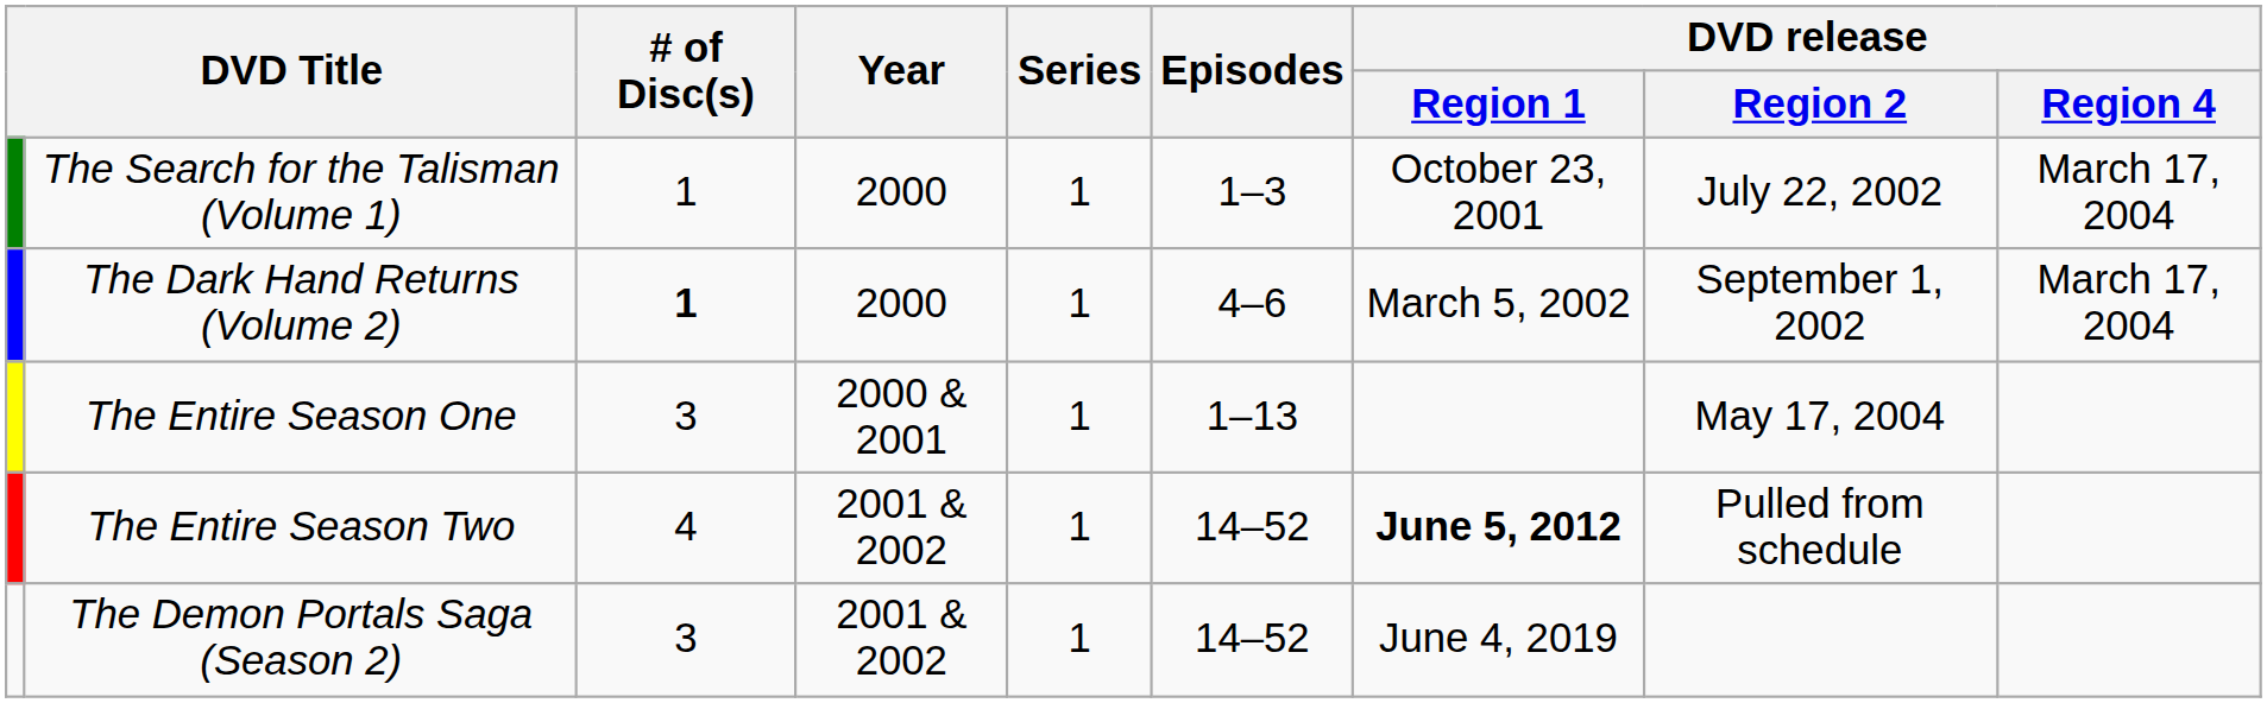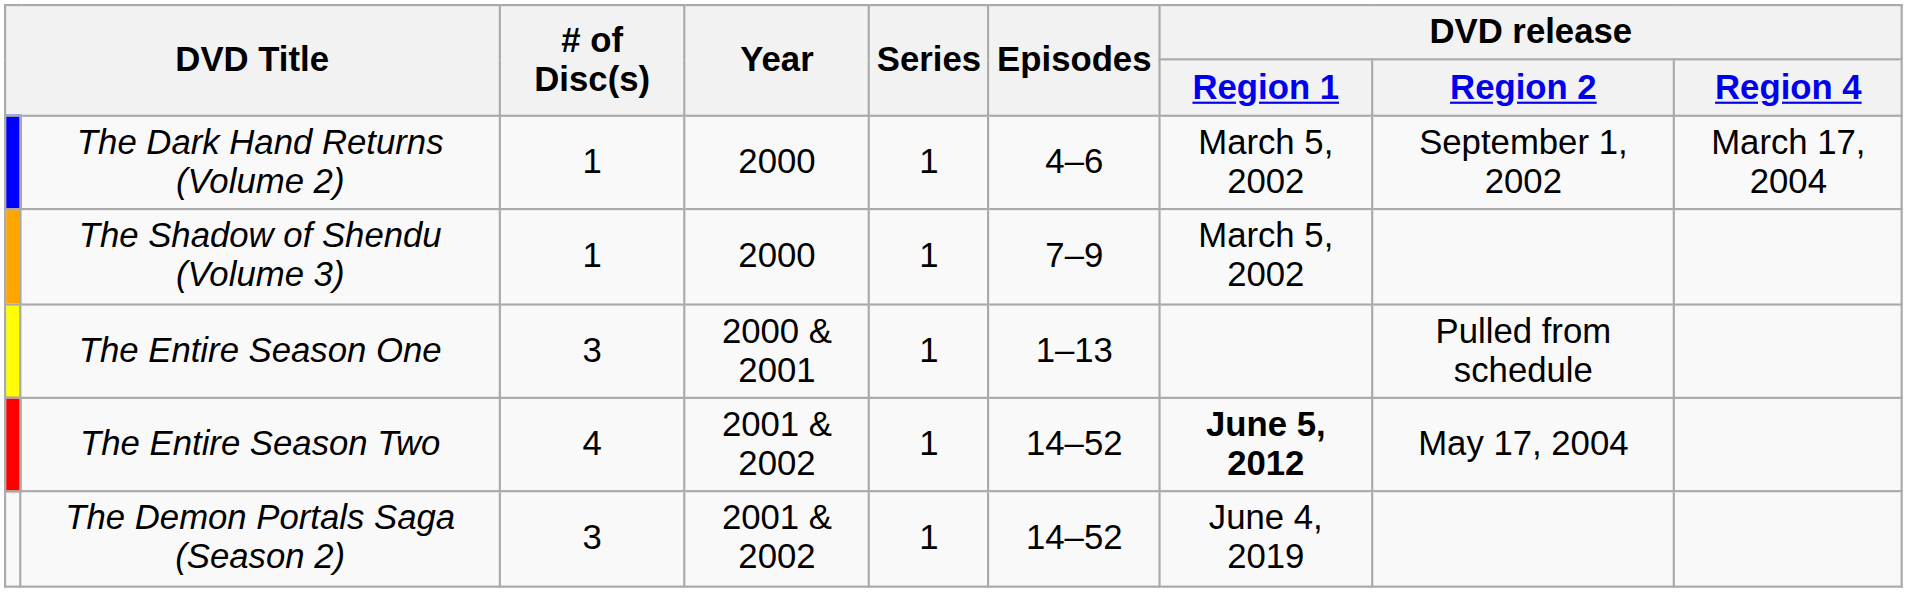 <table class="wikitable" width="99%" style="left: 0 auto; text-align: center;">
 <tr>
 <th colspan="2" rowspan="2">DVD Title</th>
 <th rowspan="2"># of Disc(s)</th>
 <th rowspan="2">Year</th>
 <th rowspan="2">Series</th>
 <th rowspan="2">Episodes</th>
 <th colspan="3">DVD release</th>
 </tr>
 <tr>
 <th><a href='#'>Region 1</a></th>
 <th><a href='#'>Region 2</a></th>
 <th><a href='#'>Region 4</a></th>
 </tr>
 <tr>
-<td bgcolor="green"></td>
-<td><em>The Search for the Talisman <br>(Volume 1)</em></td>
-<td>1</td>
-<td>2000</td>
-<td>1</td>
-<td>1–3</td>
-<td>October 23, 2001</td>
-<td>July 22, 2002</td>
-<td>March 17, 2004</td>
-</tr>
-<tr>
 <td bgcolor="blue"></td>
 <td><em>The Dark Hand Returns <br>(Volume 2)</em></td>
-<td><strong>1</strong></td>
+<td>1</td>
 <td>2000</td>
 <td>1</td>
 <td>4–6</td>
 <td>March 5, 2002</td>
 <td>September 1, 2002</td>
 <td>March 17, 2004</td>
+</tr>
+<tr>
+<td bgcolor="orange"></td>
+<td><em>The Shadow of Shendu<br>(Volume 3)</em></td>
+<td>1</td>
+<td>2000</td>
+<td>1</td>
+<td>7–9</td>
+<td>March 5, 2002</td>
+<td></td>
+<td></td>
 </tr>
 <tr>
 <td bgcolor="yellow"></td>
 <td><em>The Entire Season One</em></td>
 <td>3</td>
 <td>2000 & 2001</td>
 <td>1</td>
 <td>1–13</td>
 <td></td>
-<td>May 17, 2004</td>
+<td>Pulled from schedule</td>
 <td></td>
 </tr>
 <tr>
 <td bgcolor="red"></td>
 <td><em>The Entire Season Two</em></td>
 <td>4</td>
 <td>2001 & 2002</td>
 <td>1</td>
 <td>14–52</td>
 <td><strong>June 5, 2012</strong></td>
-<td>Pulled from schedule</td>
+<td>May 17, 2004</td>
 </tr>
 <tr>
 <td></td>
 <td><em>The Demon Portals Saga (Season 2)</em></td>
 <td>3</td>
 <td>2001 & 2002</td>
 <td>1</td>
 <td>14–52</td>
 <td>June 4, 2019</td>
 <td></td>
 <td></td>
 </tr>
 </table>
